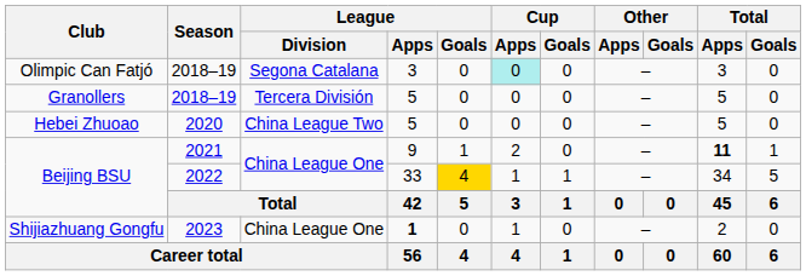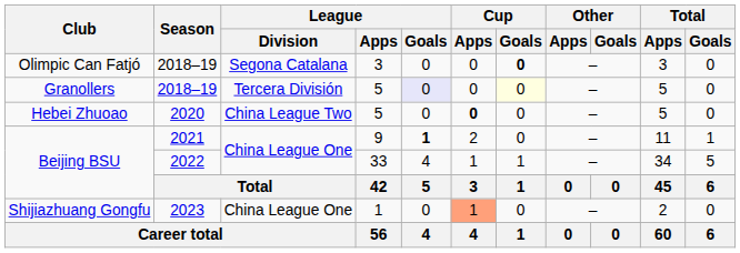 <table class="wikitable" style="text-align: center">
 <tr>
 <th rowspan="2">Club</th>
 <th rowspan="2">Season</th>
 <th colspan="3">League</th>
 <th colspan="2">Cup</th>
 <th colspan="2">Other</th>
 <th colspan="2">Total</th>
 </tr>
 <tr>
 <th>Division</th>
 <th>Apps</th>
 <th>Goals</th>
 <th>Apps</th>
 <th>Goals</th>
 <th>Apps</th>
 <th>Goals</th>
 <th>Apps</th>
 <th>Goals</th>
 </tr>
 <tr>
 <td>Olimpic Can Fatjó</td>
 <td>2018–19</td>
 <td><a href='#'>Segona Catalana</a></td>
 <td>3</td>
 <td>0</td>
-<td style="background: paleturquoise;">0</td>
 <td>0</td>
+<td><strong>0</strong></td>
 <td colspan="2">–</td>
 <td>3</td>
 <td>0</td>
 </tr>
 <tr>
 <td><a href='#'>Granollers</a></td>
 <td><a href='#'>2018–19</a></td>
 <td><a href='#'>Tercera División</a></td>
 <td>5</td>
+<td style="background: lavender;">0</td>
 <td>0</td>
-<td>0</td>
-<td>0</td>
+<td style="background: lightyellow;">0</td>
 <td colspan="2">–</td>
 <td>5</td>
 <td>0</td>
 </tr>
 <tr>
 <td><a href='#'>Hebei Zhuoao</a></td>
 <td><a href='#'>2020</a></td>
 <td><a href='#'>China League Two</a></td>
 <td>5</td>
 <td>0</td>
-<td>0</td>
+<td><strong>0</strong></td>
 <td>0</td>
 <td colspan="2">–</td>
 <td>5</td>
 <td>0</td>
 </tr>
 <tr>
 <td rowspan="3"><a href='#'>Beijing BSU</a></td>
 <td><a href='#'>2021</a></td>
 <td rowspan="2"><a href='#'>China League One</a></td>
 <td>9</td>
-<td>1</td>
+<td><strong>1</strong></td>
 <td>2</td>
 <td>0</td>
 <td colspan="2">–</td>
-<td><strong>11</strong></td>
+<td>11</td>
 <td>1</td>
 </tr>
 <tr>
 <td><a href='#'>2022</a></td>
 <td>33</td>
-<td style="background: gold;">4</td>
+<td>4</td>
 <td>1</td>
 <td>1</td>
 <td colspan="2">–</td>
 <td>34</td>
 <td>5</td>
 </tr>
 <tr>
 <th colspan=2>Total</th>
 <th>42</th>
 <th>5</th>
 <th>3</th>
 <th>1</th>
 <th>0</th>
 <th>0</th>
 <th>45</th>
 <th>6</th>
 </tr>
 <tr>
 <td><a href='#'>Shijiazhuang Gongfu</a></td>
 <td><a href='#'>2023</a></td>
 <td>China League One</td>
-<td><strong>1</strong></td>
+<td>1</td>
 <td>0</td>
-<td>1</td>
+<td style="background: lightsalmon;">1</td>
 <td>0</td>
 <td colspan="2">–</td>
 <td>2</td>
 <td>0</td>
 </tr>
 <tr>
 <th colspan=3>Career total</th>
 <th>56</th>
 <th>4</th>
 <th>4</th>
 <th>1</th>
 <th>0</th>
 <th>0</th>
 <th>60</th>
 <th>6</th>
 </tr>
 </table>
